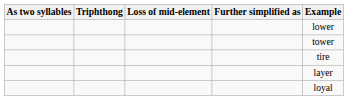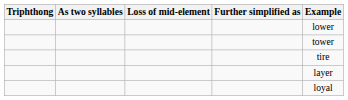 <table class="wikitable" style="text-align: center;">
 <tr>
+<th>Triphthong</th>
 <th>As two syllables</th>
-<th>Triphthong</th>
 <th>Loss of mid-element</th>
 <th>Further simplified as</th>
 <th>Example</th>
 </tr>
 <tr>
 <td></td>
 <td></td>
 <td></td>
 <td></td>
 <td>lower</td>
 </tr>
 <tr>
 <td></td>
 <td></td>
 <td></td>
 <td></td>
 <td>tower</td>
 </tr>
 <tr>
 <td></td>
 <td></td>
 <td></td>
 <td></td>
 <td>tire</td>
 </tr>
 <tr>
 <td></td>
 <td></td>
 <td></td>
 <td></td>
 <td>layer</td>
 </tr>
 <tr>
 <td></td>
 <td></td>
 <td></td>
 <td></td>
 <td>loyal</td>
 </tr>
 </table>
